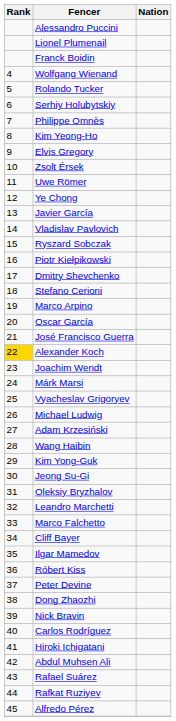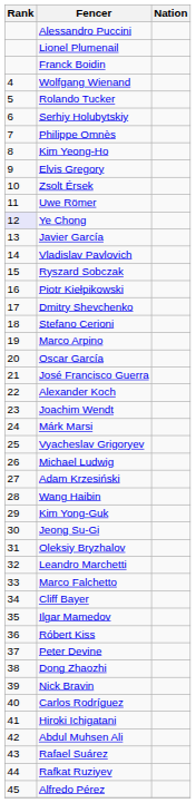 <table class="wikitable sortable" style="text-align: left;">
 <tr>
 <th>Rank</th>
 <th>Fencer</th>
 <th>Nation</th>
 </tr>
 <tr>
 <td></td>
 <td><a href='#'>Alessandro Puccini</a></td>
 <td></td>
 </tr>
 <tr>
 <td></td>
 <td><a href='#'>Lionel Plumenail</a></td>
 <td></td>
 </tr>
 <tr>
 <td></td>
 <td><a href='#'>Franck Boidin</a></td>
 <td></td>
 </tr>
 <tr>
 <td>4</td>
 <td><a href='#'>Wolfgang Wienand</a></td>
 <td></td>
 </tr>
 <tr>
 <td>5</td>
 <td><a href='#'>Rolando Tucker</a></td>
 <td></td>
 </tr>
 <tr>
 <td>6</td>
 <td><a href='#'>Serhiy Holubytskiy</a></td>
 <td></td>
 </tr>
 <tr>
 <td>7</td>
 <td><a href='#'>Philippe Omnès</a></td>
 <td></td>
 </tr>
 <tr>
 <td>8</td>
 <td><a href='#'>Kim Yeong-Ho</a></td>
 <td></td>
 </tr>
 <tr>
 <td>9</td>
 <td><a href='#'>Elvis Gregory</a></td>
 <td></td>
 </tr>
 <tr>
 <td>10</td>
 <td><a href='#'>Zsolt Érsek</a></td>
 <td></td>
 </tr>
 <tr>
 <td>11</td>
 <td><a href='#'>Uwe Römer</a></td>
 <td></td>
 </tr>
 <tr>
-<td>12</td>
+<td style="background: lavender;">12</td>
 <td><a href='#'>Ye Chong</a></td>
 <td></td>
 </tr>
 <tr>
 <td>13</td>
 <td><a href='#'>Javier García</a></td>
 <td></td>
 </tr>
 <tr>
 <td>14</td>
 <td><a href='#'>Vladislav Pavlovich</a></td>
 <td></td>
 </tr>
 <tr>
 <td>15</td>
 <td><a href='#'>Ryszard Sobczak</a></td>
 <td></td>
 </tr>
 <tr>
 <td>16</td>
 <td><a href='#'>Piotr Kiełpikowski</a></td>
 <td></td>
 </tr>
 <tr>
 <td>17</td>
 <td><a href='#'>Dmitry Shevchenko</a></td>
 <td></td>
 </tr>
 <tr>
 <td>18</td>
 <td><a href='#'>Stefano Cerioni</a></td>
 <td></td>
 </tr>
 <tr>
 <td>19</td>
 <td><a href='#'>Marco Arpino</a></td>
 <td></td>
 </tr>
 <tr>
 <td>20</td>
 <td><a href='#'>Oscar García</a></td>
 <td></td>
 </tr>
 <tr>
 <td>21</td>
 <td><a href='#'>José Francisco Guerra</a></td>
 <td></td>
 </tr>
 <tr>
-<td style="background: gold;">22</td>
+<td>22</td>
 <td><a href='#'>Alexander Koch</a></td>
 <td></td>
 </tr>
 <tr>
 <td>23</td>
 <td><a href='#'>Joachim Wendt</a></td>
 <td></td>
 </tr>
 <tr>
 <td>24</td>
 <td><a href='#'>Márk Marsi</a></td>
 <td></td>
 </tr>
 <tr>
 <td>25</td>
 <td><a href='#'>Vyacheslav Grigoryev</a></td>
 <td></td>
 </tr>
 <tr>
 <td>26</td>
 <td><a href='#'>Michael Ludwig</a></td>
 <td></td>
 </tr>
 <tr>
 <td>27</td>
 <td><a href='#'>Adam Krzesiński</a></td>
 <td></td>
 </tr>
 <tr>
 <td>28</td>
 <td><a href='#'>Wang Haibin</a></td>
 <td></td>
 </tr>
 <tr>
 <td>29</td>
 <td><a href='#'>Kim Yong-Guk</a></td>
 <td></td>
 </tr>
 <tr>
 <td>30</td>
 <td><a href='#'>Jeong Su-Gi</a></td>
 <td></td>
 </tr>
 <tr>
 <td>31</td>
 <td><a href='#'>Oleksiy Bryzhalov</a></td>
 <td></td>
 </tr>
 <tr>
 <td>32</td>
 <td><a href='#'>Leandro Marchetti</a></td>
 <td></td>
 </tr>
 <tr>
 <td>33</td>
 <td><a href='#'>Marco Falchetto</a></td>
 <td></td>
 </tr>
 <tr>
 <td>34</td>
 <td><a href='#'>Cliff Bayer</a></td>
 <td></td>
 </tr>
 <tr>
 <td>35</td>
 <td><a href='#'>Ilgar Mamedov</a></td>
 <td></td>
 </tr>
 <tr>
 <td>36</td>
 <td><a href='#'>Róbert Kiss</a></td>
 <td></td>
 </tr>
 <tr>
 <td>37</td>
 <td><a href='#'>Peter Devine</a></td>
 <td></td>
 </tr>
 <tr>
 <td>38</td>
 <td><a href='#'>Dong Zhaozhi</a></td>
 <td></td>
 </tr>
 <tr>
 <td>39</td>
 <td><a href='#'>Nick Bravin</a></td>
 <td></td>
 </tr>
 <tr>
 <td>40</td>
 <td><a href='#'>Carlos Rodríguez</a></td>
 <td></td>
 </tr>
 <tr>
 <td>41</td>
 <td><a href='#'>Hiroki Ichigatani</a></td>
 <td></td>
 </tr>
 <tr>
 <td>42</td>
 <td><a href='#'>Abdul Muhsen Ali</a></td>
 <td></td>
 </tr>
 <tr>
 <td>43</td>
 <td><a href='#'>Rafael Suárez</a></td>
 <td></td>
 </tr>
 <tr>
 <td>44</td>
 <td><a href='#'>Rafkat Ruziyev</a></td>
 <td></td>
 </tr>
 <tr>
 <td>45</td>
 <td><a href='#'>Alfredo Pérez</a></td>
 <td></td>
 </tr>
 <tr>
 </tr>
 </table>
